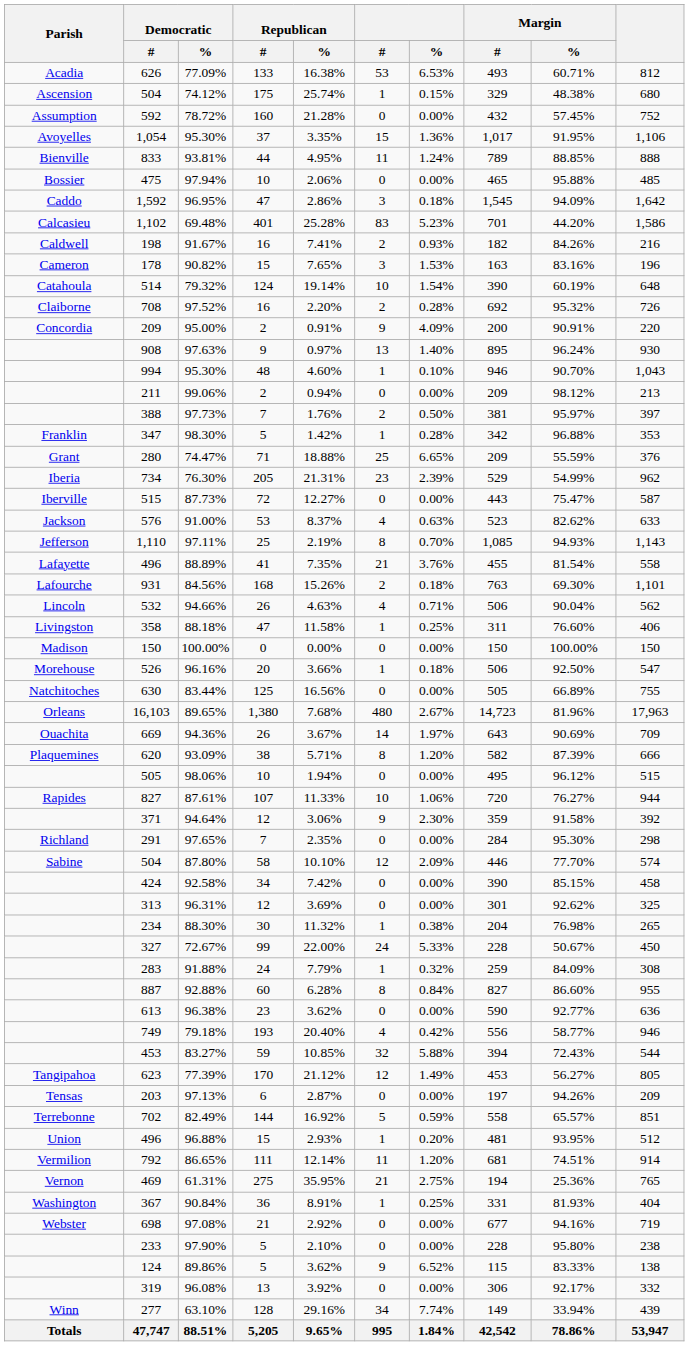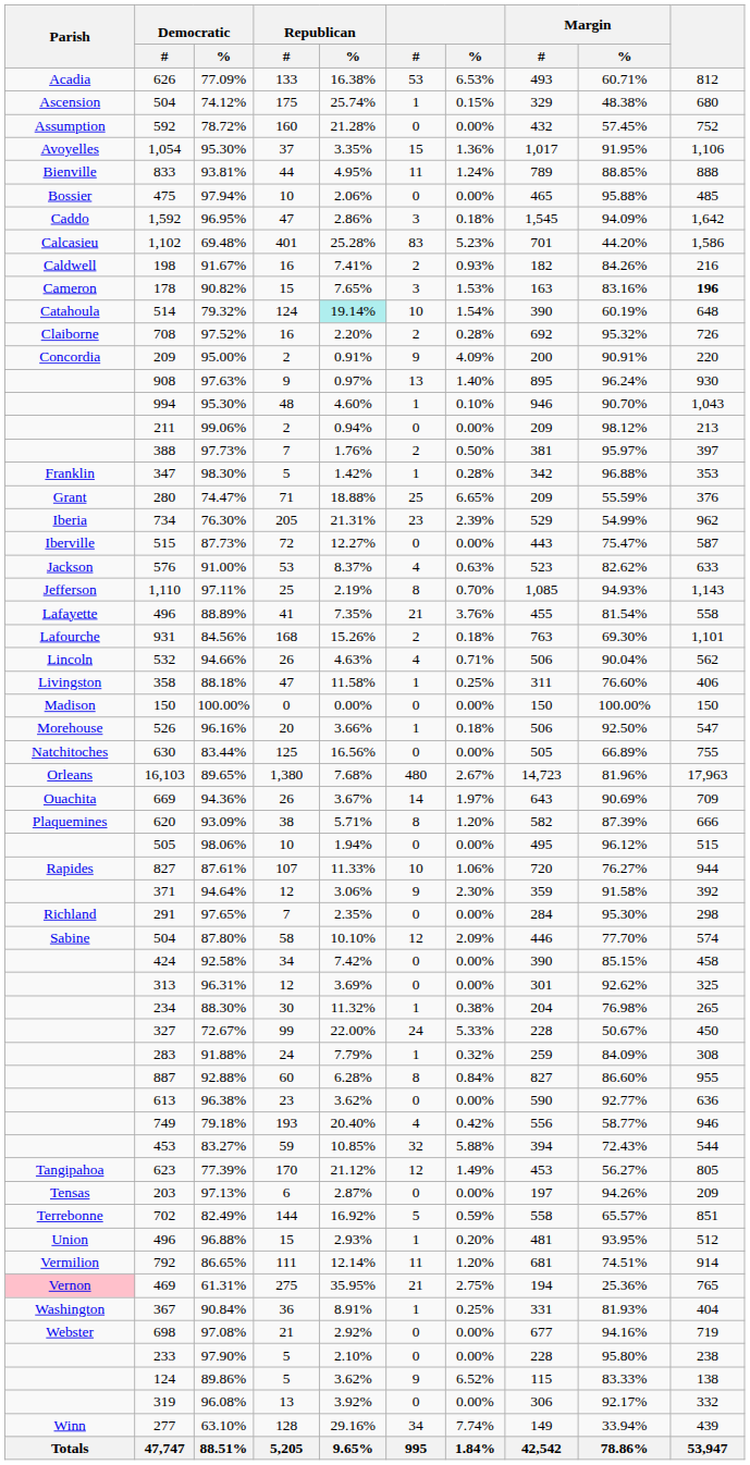 <table class="wikitable sortable mw-collapsible mw-collapsed">
 <tr>
 <th rowspan="2">Parish</th>
 <th colspan="2"><br>Democratic</th>
 <th colspan="2"><br>Republican</th>
 <th colspan="2"><br></th>
 <th colspan="2">Margin</th>
 <th rowspan="2"></th>
 </tr>
 <tr style="text-align:center">
 <th data-sort-type="number" width="8%">#</th>
 <th data-sort-type="number" width="8%">%</th>
 <th data-sort-type="number" width="9%">#</th>
 <th data-sort-type="number" width="9%">%</th>
 <th data-sort-type="number" width="8%">#</th>
 <th data-sort-type="number" width="8%">%</th>
 <th data-sort-type="number">#</th>
 <th data-sort-type="number">%</th>
 </tr>
 <tr style="text-align:center">
 <td><a href='#'>Acadia</a></td>
 <td>626</td>
 <td>77.09%</td>
 <td>133</td>
 <td>16.38%</td>
 <td>53</td>
 <td>6.53%</td>
 <td>493</td>
 <td>60.71%</td>
 <td>812</td>
 </tr>
 <tr style="text-align:center">
 <td><a href='#'>Ascension</a></td>
 <td>504</td>
 <td>74.12%</td>
 <td>175</td>
 <td>25.74%</td>
 <td>1</td>
 <td>0.15%</td>
 <td>329</td>
 <td>48.38%</td>
 <td>680</td>
 </tr>
 <tr style="text-align:center">
 <td><a href='#'>Assumption</a></td>
 <td>592</td>
 <td>78.72%</td>
 <td>160</td>
 <td>21.28%</td>
 <td>0</td>
 <td>0.00%</td>
 <td>432</td>
 <td>57.45%</td>
 <td>752</td>
 </tr>
 <tr style="text-align:center">
 <td><a href='#'>Avoyelles</a></td>
 <td>1,054</td>
 <td>95.30%</td>
 <td>37</td>
 <td>3.35%</td>
 <td>15</td>
 <td>1.36%</td>
 <td>1,017</td>
 <td>91.95%</td>
 <td>1,106</td>
 </tr>
 <tr style="text-align:center">
 <td><a href='#'>Bienville</a></td>
 <td>833</td>
 <td>93.81%</td>
 <td>44</td>
 <td>4.95%</td>
 <td>11</td>
 <td>1.24%</td>
 <td>789</td>
 <td>88.85%</td>
 <td>888</td>
 </tr>
 <tr style="text-align:center">
 <td><a href='#'>Bossier</a></td>
 <td>475</td>
 <td>97.94%</td>
 <td>10</td>
 <td>2.06%</td>
 <td>0</td>
 <td>0.00%</td>
 <td>465</td>
 <td>95.88%</td>
 <td>485</td>
 </tr>
 <tr style="text-align:center">
 <td><a href='#'>Caddo</a></td>
 <td>1,592</td>
 <td>96.95%</td>
 <td>47</td>
 <td>2.86%</td>
 <td>3</td>
 <td>0.18%</td>
 <td>1,545</td>
 <td>94.09%</td>
 <td>1,642</td>
 </tr>
 <tr style="text-align:center">
 <td><a href='#'>Calcasieu</a></td>
 <td>1,102</td>
 <td>69.48%</td>
 <td>401</td>
 <td>25.28%</td>
 <td>83</td>
 <td>5.23%</td>
 <td>701</td>
 <td>44.20%</td>
 <td>1,586</td>
 </tr>
 <tr style="text-align:center">
 <td><a href='#'>Caldwell</a></td>
 <td>198</td>
 <td>91.67%</td>
 <td>16</td>
 <td>7.41%</td>
 <td>2</td>
 <td>0.93%</td>
 <td>182</td>
 <td>84.26%</td>
 <td>216</td>
 </tr>
 <tr style="text-align:center">
 <td><a href='#'>Cameron</a></td>
 <td>178</td>
 <td>90.82%</td>
 <td>15</td>
 <td>7.65%</td>
 <td>3</td>
 <td>1.53%</td>
 <td>163</td>
 <td>83.16%</td>
-<td>196</td>
+<td><strong>196</strong></td>
 </tr>
 <tr style="text-align:center">
 <td><a href='#'>Catahoula</a></td>
 <td>514</td>
 <td>79.32%</td>
 <td>124</td>
-<td>19.14%</td>
+<td style="background: paleturquoise;">19.14%</td>
 <td>10</td>
 <td>1.54%</td>
 <td>390</td>
 <td>60.19%</td>
 <td>648</td>
 </tr>
 <tr style="text-align:center">
 <td><a href='#'>Claiborne</a></td>
 <td>708</td>
 <td>97.52%</td>
 <td>16</td>
 <td>2.20%</td>
 <td>2</td>
 <td>0.28%</td>
 <td>692</td>
 <td>95.32%</td>
 <td>726</td>
 </tr>
 <tr style="text-align:center">
 <td><a href='#'>Concordia</a></td>
 <td>209</td>
 <td>95.00%</td>
 <td>2</td>
 <td>0.91%</td>
 <td>9</td>
 <td>4.09%</td>
 <td>200</td>
 <td>90.91%</td>
 <td>220</td>
 </tr>
 <tr style="text-align:center">
 <td></td>
 <td>908</td>
 <td>97.63%</td>
 <td>9</td>
 <td>0.97%</td>
 <td>13</td>
 <td>1.40%</td>
 <td>895</td>
 <td>96.24%</td>
 <td>930</td>
 </tr>
 <tr style="text-align:center">
 <td></td>
 <td>994</td>
 <td>95.30%</td>
 <td>48</td>
 <td>4.60%</td>
 <td>1</td>
 <td>0.10%</td>
 <td>946</td>
 <td>90.70%</td>
 <td>1,043</td>
 </tr>
 <tr style="text-align:center">
 <td></td>
 <td>211</td>
 <td>99.06%</td>
 <td>2</td>
 <td>0.94%</td>
 <td>0</td>
 <td>0.00%</td>
 <td>209</td>
 <td>98.12%</td>
 <td>213</td>
 </tr>
 <tr style="text-align:center">
 <td></td>
 <td>388</td>
 <td>97.73%</td>
 <td>7</td>
 <td>1.76%</td>
 <td>2</td>
 <td>0.50%</td>
 <td>381</td>
 <td>95.97%</td>
 <td>397</td>
 </tr>
 <tr style="text-align:center">
 <td><a href='#'>Franklin</a></td>
 <td>347</td>
 <td>98.30%</td>
 <td>5</td>
 <td>1.42%</td>
 <td>1</td>
 <td>0.28%</td>
 <td>342</td>
 <td>96.88%</td>
 <td>353</td>
 </tr>
 <tr style="text-align:center">
 <td><a href='#'>Grant</a></td>
 <td>280</td>
 <td>74.47%</td>
 <td>71</td>
 <td>18.88%</td>
 <td>25</td>
 <td>6.65%</td>
 <td>209</td>
 <td>55.59%</td>
 <td>376</td>
 </tr>
 <tr style="text-align:center">
 <td><a href='#'>Iberia</a></td>
 <td>734</td>
 <td>76.30%</td>
 <td>205</td>
 <td>21.31%</td>
 <td>23</td>
 <td>2.39%</td>
 <td>529</td>
 <td>54.99%</td>
 <td>962</td>
 </tr>
 <tr style="text-align:center">
 <td><a href='#'>Iberville</a></td>
 <td>515</td>
 <td>87.73%</td>
 <td>72</td>
 <td>12.27%</td>
 <td>0</td>
 <td>0.00%</td>
 <td>443</td>
 <td>75.47%</td>
 <td>587</td>
 </tr>
 <tr style="text-align:center">
 <td><a href='#'>Jackson</a></td>
 <td>576</td>
 <td>91.00%</td>
 <td>53</td>
 <td>8.37%</td>
 <td>4</td>
 <td>0.63%</td>
 <td>523</td>
 <td>82.62%</td>
 <td>633</td>
 </tr>
 <tr style="text-align:center">
 <td><a href='#'>Jefferson</a></td>
 <td>1,110</td>
 <td>97.11%</td>
 <td>25</td>
 <td>2.19%</td>
 <td>8</td>
 <td>0.70%</td>
 <td>1,085</td>
 <td>94.93%</td>
 <td>1,143</td>
 </tr>
 <tr style="text-align:center">
 <td><a href='#'>Lafayette</a></td>
 <td>496</td>
 <td>88.89%</td>
 <td>41</td>
 <td>7.35%</td>
 <td>21</td>
 <td>3.76%</td>
 <td>455</td>
 <td>81.54%</td>
 <td>558</td>
 </tr>
 <tr style="text-align:center">
 <td><a href='#'>Lafourche</a></td>
 <td>931</td>
 <td>84.56%</td>
 <td>168</td>
 <td>15.26%</td>
 <td>2</td>
 <td>0.18%</td>
 <td>763</td>
 <td>69.30%</td>
 <td>1,101</td>
 </tr>
 <tr style="text-align:center">
 <td><a href='#'>Lincoln</a></td>
 <td>532</td>
 <td>94.66%</td>
 <td>26</td>
 <td>4.63%</td>
 <td>4</td>
 <td>0.71%</td>
 <td>506</td>
 <td>90.04%</td>
 <td>562</td>
 </tr>
 <tr style="text-align:center">
 <td><a href='#'>Livingston</a></td>
 <td>358</td>
 <td>88.18%</td>
 <td>47</td>
 <td>11.58%</td>
 <td>1</td>
 <td>0.25%</td>
 <td>311</td>
 <td>76.60%</td>
 <td>406</td>
 </tr>
 <tr style="text-align:center">
 <td><a href='#'>Madison</a></td>
 <td>150</td>
 <td>100.00%</td>
 <td>0</td>
 <td>0.00%</td>
 <td>0</td>
 <td>0.00%</td>
 <td>150</td>
 <td>100.00%</td>
 <td>150</td>
 </tr>
 <tr style="text-align:center">
 <td><a href='#'>Morehouse</a></td>
 <td>526</td>
 <td>96.16%</td>
 <td>20</td>
 <td>3.66%</td>
 <td>1</td>
 <td>0.18%</td>
 <td>506</td>
 <td>92.50%</td>
 <td>547</td>
 </tr>
 <tr style="text-align:center">
 <td><a href='#'>Natchitoches</a></td>
 <td>630</td>
 <td>83.44%</td>
 <td>125</td>
 <td>16.56%</td>
 <td>0</td>
 <td>0.00%</td>
 <td>505</td>
 <td>66.89%</td>
 <td>755</td>
 </tr>
 <tr style="text-align:center">
 <td><a href='#'>Orleans</a></td>
 <td>16,103</td>
 <td>89.65%</td>
 <td>1,380</td>
 <td>7.68%</td>
 <td>480</td>
 <td>2.67%</td>
 <td>14,723</td>
 <td>81.96%</td>
 <td>17,963</td>
 </tr>
 <tr style="text-align:center">
 <td><a href='#'>Ouachita</a></td>
 <td>669</td>
 <td>94.36%</td>
 <td>26</td>
 <td>3.67%</td>
 <td>14</td>
 <td>1.97%</td>
 <td>643</td>
 <td>90.69%</td>
 <td>709</td>
 </tr>
 <tr style="text-align:center">
 <td><a href='#'>Plaquemines</a></td>
 <td>620</td>
 <td>93.09%</td>
 <td>38</td>
 <td>5.71%</td>
 <td>8</td>
 <td>1.20%</td>
 <td>582</td>
 <td>87.39%</td>
 <td>666</td>
 </tr>
 <tr style="text-align:center">
 <td></td>
 <td>505</td>
 <td>98.06%</td>
 <td>10</td>
 <td>1.94%</td>
 <td>0</td>
 <td>0.00%</td>
 <td>495</td>
 <td>96.12%</td>
 <td>515</td>
 </tr>
 <tr style="text-align:center">
 <td><a href='#'>Rapides</a></td>
 <td>827</td>
 <td>87.61%</td>
 <td>107</td>
 <td>11.33%</td>
 <td>10</td>
 <td>1.06%</td>
 <td>720</td>
 <td>76.27%</td>
 <td>944</td>
 </tr>
 <tr style="text-align:center">
 <td></td>
 <td>371</td>
 <td>94.64%</td>
 <td>12</td>
 <td>3.06%</td>
 <td>9</td>
 <td>2.30%</td>
 <td>359</td>
 <td>91.58%</td>
 <td>392</td>
 </tr>
 <tr style="text-align:center">
 <td><a href='#'>Richland</a></td>
 <td>291</td>
 <td>97.65%</td>
 <td>7</td>
 <td>2.35%</td>
 <td>0</td>
 <td>0.00%</td>
 <td>284</td>
 <td>95.30%</td>
 <td>298</td>
 </tr>
 <tr style="text-align:center">
 <td><a href='#'>Sabine</a></td>
 <td>504</td>
 <td>87.80%</td>
 <td>58</td>
 <td>10.10%</td>
 <td>12</td>
 <td>2.09%</td>
 <td>446</td>
 <td>77.70%</td>
 <td>574</td>
 </tr>
 <tr style="text-align:center">
 <td></td>
 <td>424</td>
 <td>92.58%</td>
 <td>34</td>
 <td>7.42%</td>
 <td>0</td>
 <td>0.00%</td>
 <td>390</td>
 <td>85.15%</td>
 <td>458</td>
 </tr>
 <tr style="text-align:center">
 <td></td>
 <td>313</td>
 <td>96.31%</td>
 <td>12</td>
 <td>3.69%</td>
 <td>0</td>
 <td>0.00%</td>
 <td>301</td>
 <td>92.62%</td>
 <td>325</td>
 </tr>
 <tr style="text-align:center">
 <td></td>
 <td>234</td>
 <td>88.30%</td>
 <td>30</td>
 <td>11.32%</td>
 <td>1</td>
 <td>0.38%</td>
 <td>204</td>
 <td>76.98%</td>
 <td>265</td>
 </tr>
 <tr style="text-align:center">
 <td></td>
 <td>327</td>
 <td>72.67%</td>
 <td>99</td>
 <td>22.00%</td>
 <td>24</td>
 <td>5.33%</td>
 <td>228</td>
 <td>50.67%</td>
 <td>450</td>
 </tr>
 <tr style="text-align:center">
 <td></td>
 <td>283</td>
 <td>91.88%</td>
 <td>24</td>
 <td>7.79%</td>
 <td>1</td>
 <td>0.32%</td>
 <td>259</td>
 <td>84.09%</td>
 <td>308</td>
 </tr>
 <tr style="text-align:center">
 <td></td>
 <td>887</td>
 <td>92.88%</td>
 <td>60</td>
 <td>6.28%</td>
 <td>8</td>
 <td>0.84%</td>
 <td>827</td>
 <td>86.60%</td>
 <td>955</td>
 </tr>
 <tr style="text-align:center">
 <td></td>
 <td>613</td>
 <td>96.38%</td>
 <td>23</td>
 <td>3.62%</td>
 <td>0</td>
 <td>0.00%</td>
 <td>590</td>
 <td>92.77%</td>
 <td>636</td>
 </tr>
 <tr style="text-align:center">
 <td></td>
 <td>749</td>
 <td>79.18%</td>
 <td>193</td>
 <td>20.40%</td>
 <td>4</td>
 <td>0.42%</td>
 <td>556</td>
 <td>58.77%</td>
 <td>946</td>
 </tr>
 <tr style="text-align:center">
 <td></td>
 <td>453</td>
 <td>83.27%</td>
 <td>59</td>
 <td>10.85%</td>
 <td>32</td>
 <td>5.88%</td>
 <td>394</td>
 <td>72.43%</td>
 <td>544</td>
 </tr>
 <tr style="text-align:center">
 <td><a href='#'>Tangipahoa</a></td>
 <td>623</td>
 <td>77.39%</td>
 <td>170</td>
 <td>21.12%</td>
 <td>12</td>
 <td>1.49%</td>
 <td>453</td>
 <td>56.27%</td>
 <td>805</td>
 </tr>
 <tr style="text-align:center">
 <td><a href='#'>Tensas</a></td>
 <td>203</td>
 <td>97.13%</td>
 <td>6</td>
 <td>2.87%</td>
 <td>0</td>
 <td>0.00%</td>
 <td>197</td>
 <td>94.26%</td>
 <td>209</td>
 </tr>
 <tr style="text-align:center">
 <td><a href='#'>Terrebonne</a></td>
 <td>702</td>
 <td>82.49%</td>
 <td>144</td>
 <td>16.92%</td>
 <td>5</td>
 <td>0.59%</td>
 <td>558</td>
 <td>65.57%</td>
 <td>851</td>
 </tr>
 <tr style="text-align:center">
 <td><a href='#'>Union</a></td>
 <td>496</td>
 <td>96.88%</td>
 <td>15</td>
 <td>2.93%</td>
 <td>1</td>
 <td>0.20%</td>
 <td>481</td>
 <td>93.95%</td>
 <td>512</td>
 </tr>
 <tr style="text-align:center">
 <td><a href='#'>Vermilion</a></td>
 <td>792</td>
 <td>86.65%</td>
 <td>111</td>
 <td>12.14%</td>
 <td>11</td>
 <td>1.20%</td>
 <td>681</td>
 <td>74.51%</td>
 <td>914</td>
 </tr>
 <tr style="text-align:center">
-<td><a href='#'>Vernon</a></td>
+<td style="background: pink;"><a href='#'>Vernon</a></td>
 <td>469</td>
 <td>61.31%</td>
 <td>275</td>
 <td>35.95%</td>
 <td>21</td>
 <td>2.75%</td>
 <td>194</td>
 <td>25.36%</td>
 <td>765</td>
 </tr>
 <tr style="text-align:center">
 <td><a href='#'>Washington</a></td>
 <td>367</td>
 <td>90.84%</td>
 <td>36</td>
 <td>8.91%</td>
 <td>1</td>
 <td>0.25%</td>
 <td>331</td>
 <td>81.93%</td>
 <td>404</td>
 </tr>
 <tr style="text-align:center">
 <td><a href='#'>Webster</a></td>
 <td>698</td>
 <td>97.08%</td>
 <td>21</td>
 <td>2.92%</td>
 <td>0</td>
 <td>0.00%</td>
 <td>677</td>
 <td>94.16%</td>
 <td>719</td>
 </tr>
 <tr style="text-align:center">
 <td></td>
 <td>233</td>
 <td>97.90%</td>
 <td>5</td>
 <td>2.10%</td>
 <td>0</td>
 <td>0.00%</td>
 <td>228</td>
 <td>95.80%</td>
 <td>238</td>
 </tr>
 <tr style="text-align:center">
 <td></td>
 <td>124</td>
 <td>89.86%</td>
 <td>5</td>
 <td>3.62%</td>
 <td>9</td>
 <td>6.52%</td>
 <td>115</td>
 <td>83.33%</td>
 <td>138</td>
 </tr>
 <tr style="text-align:center">
 <td></td>
 <td>319</td>
 <td>96.08%</td>
 <td>13</td>
 <td>3.92%</td>
 <td>0</td>
 <td>0.00%</td>
 <td>306</td>
 <td>92.17%</td>
 <td>332</td>
 </tr>
 <tr style="text-align:center">
 <td><a href='#'>Winn</a></td>
 <td>277</td>
 <td>63.10%</td>
 <td>128</td>
 <td>29.16%</td>
 <td>34</td>
 <td>7.74%</td>
 <td>149</td>
 <td>33.94%</td>
 <td>439</td>
 </tr>
 <tr>
 <th>Totals</th>
 <th>47,747</th>
 <th>88.51%</th>
 <th>5,205</th>
 <th>9.65%</th>
 <th>995</th>
 <th>1.84%</th>
 <th>42,542</th>
 <th>78.86%</th>
 <th>53,947</th>
 </tr>
 </table>
